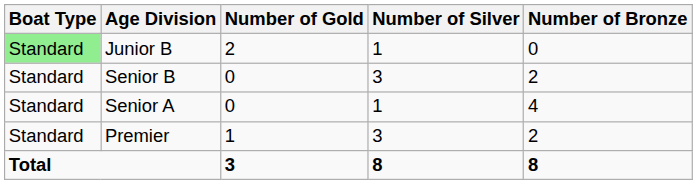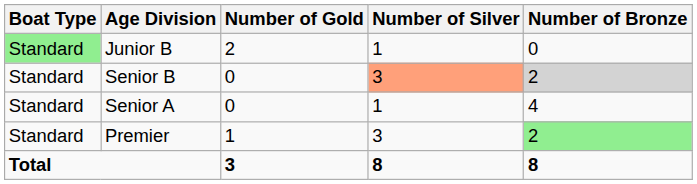 <table class="wikitable sortable">
 <tr>
 <th>Boat Type</th>
 <th>Age Division</th>
 <th>Number of Gold</th>
 <th>Number of Silver</th>
 <th>Number of Bronze</th>
 </tr>
 <tr>
 <td style="background: lightgreen;">Standard</td>
 <td>Junior B</td>
 <td>2</td>
 <td>1</td>
 <td>0</td>
 </tr>
 <tr>
 <td>Standard</td>
 <td>Senior B</td>
 <td>0</td>
-<td>3</td>
-<td>2</td>
+<td style="background: lightsalmon;">3</td>
+<td style="background: lightgrey;">2</td>
 </tr>
 <tr>
 <td>Standard</td>
 <td>Senior A</td>
 <td>0</td>
 <td>1</td>
 <td>4</td>
 </tr>
 <tr>
 <td>Standard</td>
 <td>Premier</td>
 <td>1</td>
 <td>3</td>
-<td>2</td>
+<td style="background: lightgreen;">2</td>
 </tr>
 <tr>
 <td colspan="2"><strong>Total</strong></td>
 <td><strong>3</strong></td>
 <td><strong>8</strong></td>
 <td><strong>8</strong></td>
 </tr>
 </table>
